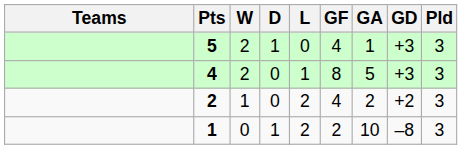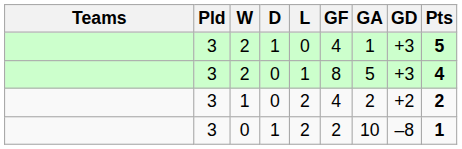 <table class="wikitable" style="text-align: center;">
 <tr>
 <th width=165>Teams</th>
-<th width=20>Pts</th>
+<th width=20>Pld</th>
 <th width=20>W</th>
 <th width=20>D</th>
 <th width=20>L</th>
 <th width=20>GF</th>
 <th width=20>GA</th>
 <th width=20>GD</th>
-<th width=20>Pld</th>
+<th width=20>Pts</th>
 </tr>
 <tr align=center style="background:#ccffcc;">
 <td style="text-align:left;"></td>
-<td><strong>5</strong></td>
+<td>3</td>
 <td>2</td>
 <td>1</td>
 <td>0</td>
 <td>4</td>
 <td>1</td>
 <td>+3</td>
-<td>3</td>
+<td><strong>5</strong></td>
 </tr>
 <tr align=center style="background:#ccffcc;">
 <td style="text-align:left;"></td>
-<td><strong>4</strong></td>
+<td>3</td>
 <td>2</td>
 <td>0</td>
 <td>1</td>
 <td>8</td>
 <td>5</td>
 <td>+3</td>
-<td>3</td>
+<td><strong>4</strong></td>
 </tr>
 <tr align=center>
 <td style="text-align:left;"></td>
-<td><strong>2</strong></td>
+<td>3</td>
 <td>1</td>
 <td>0</td>
 <td>2</td>
 <td>4</td>
 <td>2</td>
 <td>+2</td>
-<td>3</td>
+<td><strong>2</strong></td>
 </tr>
 <tr align=center>
 <td style="text-align:left;"></td>
-<td><strong>1</strong></td>
+<td>3</td>
 <td>0</td>
 <td>1</td>
 <td>2</td>
 <td>2</td>
 <td>10</td>
 <td>–8</td>
-<td>3</td>
+<td><strong>1</strong></td>
 </tr>
 </table>
